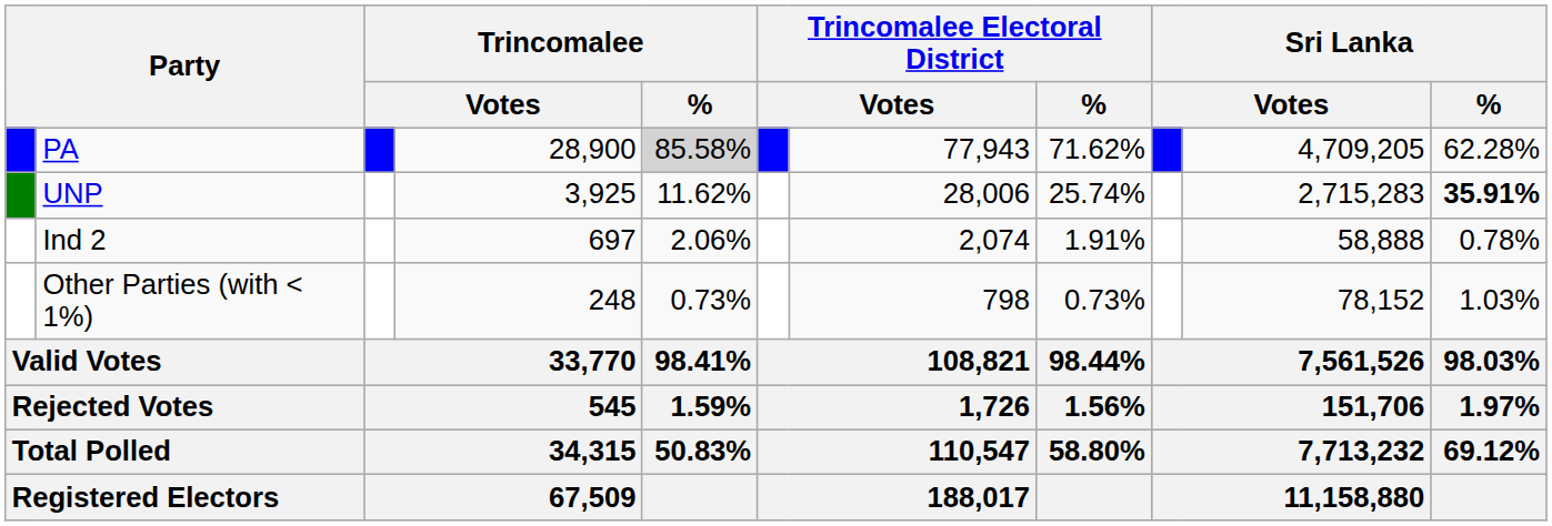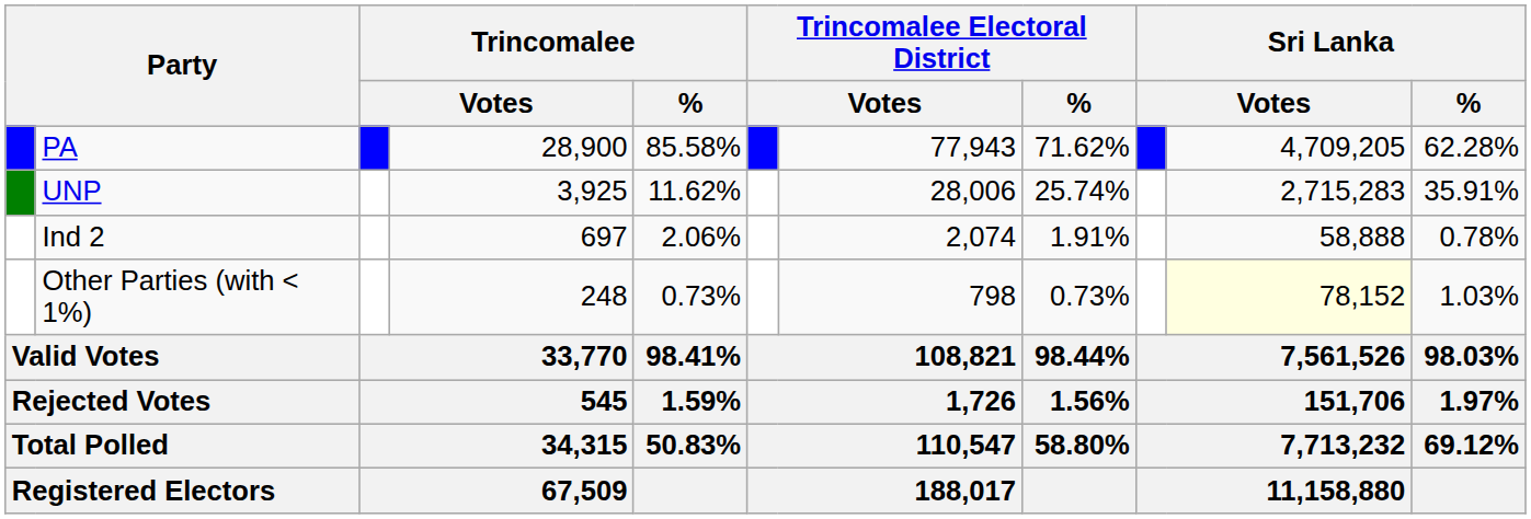 <table class="wikitable">
 <tr>
 <th colspan="2" width="144px"rowspan="2">Party</th>
 <th colspan="3" width="216px">Trincomalee</th>
 <th colspan="3" width="216px"><a href='#'>Trincomalee Electoral District</a></th>
 <th colspan="3" width="216px">Sri Lanka</th>
 </tr>
 <tr>
 <th colspan="2" width="144px">Votes</th>
 <th>%</th>
 <th colspan="2" width="144px">Votes</th>
 <th>%</th>
 <th colspan="2" width="144px">Votes</th>
 <th>%</th>
 </tr>
 <tr>
 <td style="background-color:blue;" width="10px"></td>
 <td style="text-align:left;"><a href='#'>PA</a></td>
 <td style="background-color:blue;" width="10px"></td>
 <td style="text-align:right;">28,900</td>
-<td style="background: lightgrey; text-align:right;">85.58%</td>
+<td style="text-align:right;">85.58%</td>
 <td style="background-color:blue;" width="10px"></td>
 <td style="text-align:right;">77,943</td>
 <td style="text-align:right;">71.62%</td>
 <td style="background-color:blue;" width="10px"></td>
 <td style="text-align:right;">4,709,205</td>
 <td style="text-align:right;">62.28%</td>
 </tr>
 <tr>
 <td style="background-color:green;" width="10px"></td>
 <td style="text-align:left;"><a href='#'>UNP</a></td>
 <td style="background-color:white;" width="10px"></td>
 <td style="text-align:right;">3,925</td>
 <td style="text-align:right;">11.62%</td>
 <td style="background-color:white;" width="10px"></td>
 <td style="text-align:right;">28,006</td>
 <td style="text-align:right;">25.74%</td>
 <td style="background-color:white;" width="10px"></td>
 <td style="text-align:right;">2,715,283</td>
-<td style="text-align:right;"><strong>35.91%</strong></td>
+<td style="text-align:right;">35.91%</td>
 </tr>
 <tr>
 <td style="background-color:white;" width="10px"></td>
 <td style="text-align:left;">Ind 2</td>
 <td style="background-color:white;" width="10px"></td>
 <td style="text-align:right;">697</td>
 <td style="text-align:right;">2.06%</td>
 <td style="background-color:white;" width="10px"></td>
 <td style="text-align:right;">2,074</td>
 <td style="text-align:right;">1.91%</td>
 <td style="background-color:white;" width="10px"></td>
 <td style="text-align:right;">58,888</td>
 <td style="text-align:right;">0.78%</td>
 </tr>
 <tr>
 <td style="background-color:white;" width="10px"></td>
 <td style="text-align:left;">Other Parties (with < 1%)</td>
 <td style="background-color:white;" width="10px"></td>
 <td style="text-align:right;">248</td>
 <td style="text-align:right;">0.73%</td>
 <td style="background-color:white;" width="10px"></td>
 <td style="text-align:right;">798</td>
 <td style="text-align:right;">0.73%</td>
 <td style="background-color:white;" width="10px"></td>
-<td style="text-align:right;">78,152</td>
+<td style="background: lightyellow; text-align:right;">78,152</td>
 <td style="text-align:right;">1.03%</td>
 </tr>
 <tr>
 <th colspan="2" width="144px"style="text-align:left;">Valid Votes</th>
 <th style="text-align:right;"colspan="2" width="144px">33,770</th>
 <th style="text-align:right;">98.41%</th>
 <th style="text-align:right;"colspan="2" width="144px">108,821</th>
 <th style="text-align:right;">98.44%</th>
 <th style="text-align:right;"colspan="2" width="144px">7,561,526</th>
 <th style="text-align:right;">98.03%</th>
 </tr>
 <tr>
 <th colspan="2" width="144px"style="text-align:left;">Rejected Votes</th>
 <th style="text-align:right;"colspan="2" width="144px">545</th>
 <th style="text-align:right;">1.59%</th>
 <th style="text-align:right;"colspan="2" width="144px">1,726</th>
 <th style="text-align:right;">1.56%</th>
 <th style="text-align:right;"colspan="2" width="144px">151,706</th>
 <th style="text-align:right;">1.97%</th>
 </tr>
 <tr>
 <th colspan="2" width="144px"style="text-align:left;">Total Polled</th>
 <th style="text-align:right;"colspan="2" width="144px">34,315</th>
 <th style="text-align:right;">50.83%</th>
 <th style="text-align:right;"colspan="2" width="144px">110,547</th>
 <th style="text-align:right;">58.80%</th>
 <th style="text-align:right;"colspan="2" width="144px">7,713,232</th>
 <th style="text-align:right;">69.12%</th>
 </tr>
 <tr>
 <th colspan="2" width="144px"style="text-align:left;">Registered Electors</th>
 <th style="text-align:right;"colspan="2" width="144px">67,509</th>
 <th></th>
 <th style="text-align:right;"colspan="2" width="144px">188,017</th>
 <th></th>
 <th style="text-align:right;"colspan="2" width="144px">11,158,880</th>
 <th></th>
 </tr>
 </table>
